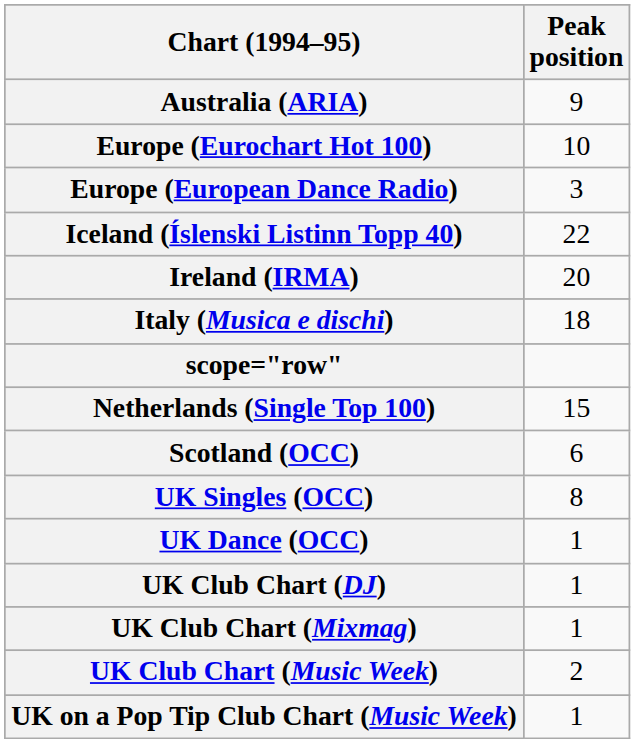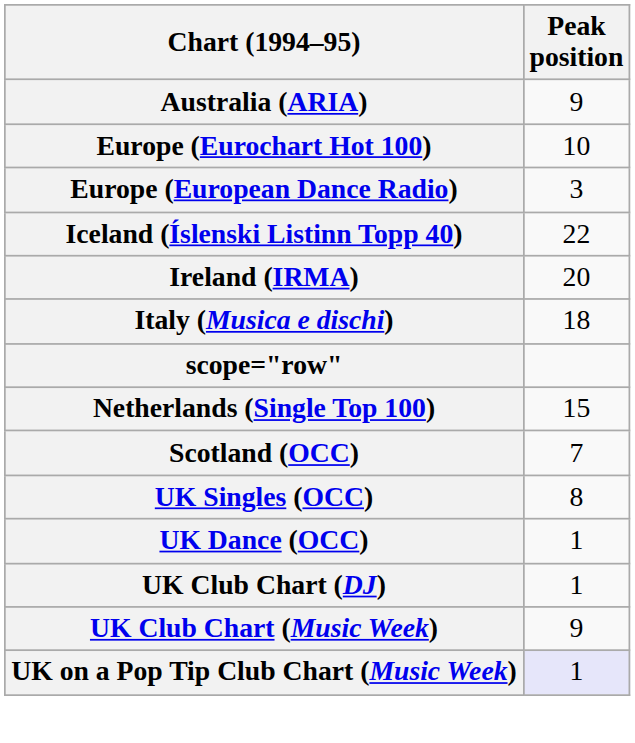 <table class="wikitable sortable plainrowheaders" style="text-align:center">
 <tr>
 <th scope="col">Chart (1994–95)</th>
 <th scope="col">Peak<br>position</th>
 </tr>
 <tr>
 <th scope="row">Australia (<a href='#'>ARIA</a>)</th>
 <td>9</td>
 </tr>
 <tr>
 <th scope="row">Europe (<a href='#'>Eurochart Hot 100</a>)</th>
 <td>10</td>
 </tr>
 <tr>
 <th scope="row">Europe (<a href='#'>European Dance Radio</a>)</th>
 <td>3</td>
 </tr>
 <tr>
 <th scope="row">Iceland (<a href='#'>Íslenski Listinn Topp 40</a>)</th>
 <td>22</td>
 </tr>
 <tr>
 <th scope="row">Ireland (<a href='#'>IRMA</a>)</th>
 <td>20</td>
 </tr>
 <tr>
 <th scope="row">Italy (<em><a href='#'>Musica e dischi</a></em>)</th>
 <td>18</td>
 </tr>
 <tr>
 <th>scope="row"</th>
 </tr>
 <tr>
 <th scope="row">Netherlands (<a href='#'>Single Top 100</a>)</th>
 <td>15</td>
 </tr>
 <tr>
 <th scope="row">Scotland (<a href='#'>OCC</a>)</th>
-<td>6</td>
+<td>7</td>
 </tr>
 <tr>
 <th scope="row"><a href='#'>UK Singles</a> (<a href='#'>OCC</a>)</th>
 <td>8</td>
 </tr>
 <tr>
 <th scope="row"><a href='#'>UK Dance</a> (<a href='#'>OCC</a>)</th>
 <td>1</td>
 </tr>
 <tr>
 <th scope="row">UK Club Chart (<em><a href='#'>DJ</a></em>)</th>
 <td>1</td>
 </tr>
 <tr>
-<th scope="row">UK Club Chart (<em><a href='#'>Mixmag</a></em>)</th>
-<td>1</td>
-</tr>
-<tr>
 <th scope="row"><a href='#'>UK Club Chart</a> (<em><a href='#'>Music Week</a></em>)</th>
-<td>2</td>
+<td>9</td>
 </tr>
 <tr>
 <th scope="row">UK on a Pop Tip Club Chart (<em><a href='#'>Music Week</a></em>)</th>
-<td>1</td>
+<td style="background: lavender;">1</td>
 </tr>
 </table>
